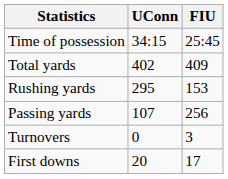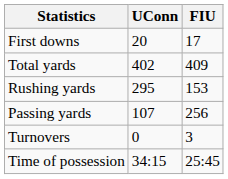 <table class="wikitable">
 <tr>
 <th>Statistics</th>
 <th>UConn</th>
 <th>FIU</th>
 </tr>
 <tr>
-<td>Time of possession</td>
-<td>34:15</td>
-<td>25:45</td>
+<td>First downs</td>
+<td>20</td>
+<td>17</td>
 </tr>
 <tr>
 <td>Total yards</td>
 <td>402</td>
 <td>409</td>
 </tr>
 <tr>
 <td>Rushing yards</td>
 <td>295</td>
 <td>153</td>
 </tr>
 <tr>
 <td>Passing yards</td>
 <td>107</td>
 <td>256</td>
 </tr>
 <tr>
 <td>Turnovers</td>
 <td>0</td>
 <td>3</td>
 </tr>
 <tr>
-<td>First downs</td>
-<td>20</td>
-<td>17</td>
+<td>Time of possession</td>
+<td>34:15</td>
+<td>25:45</td>
 </tr>
 </table>
